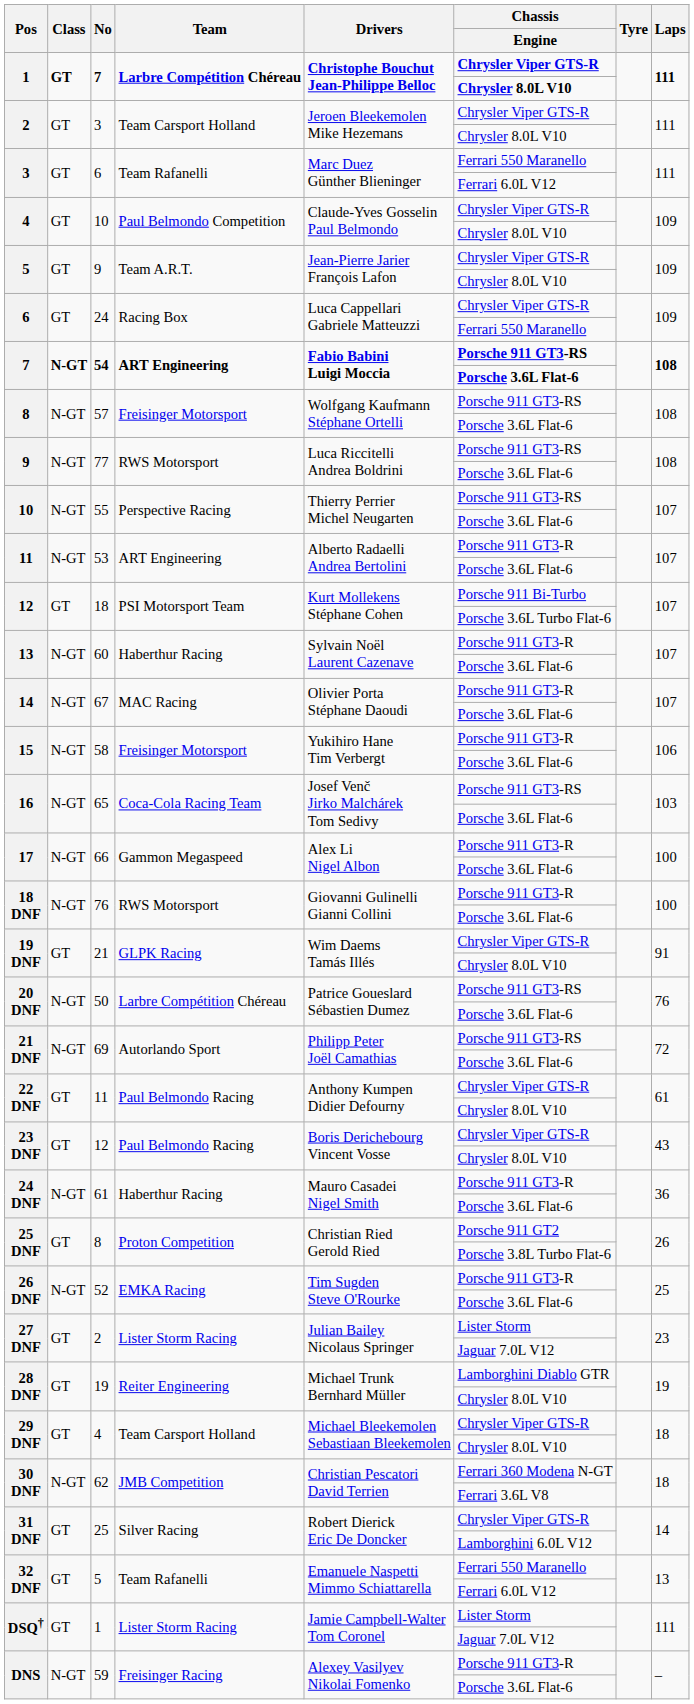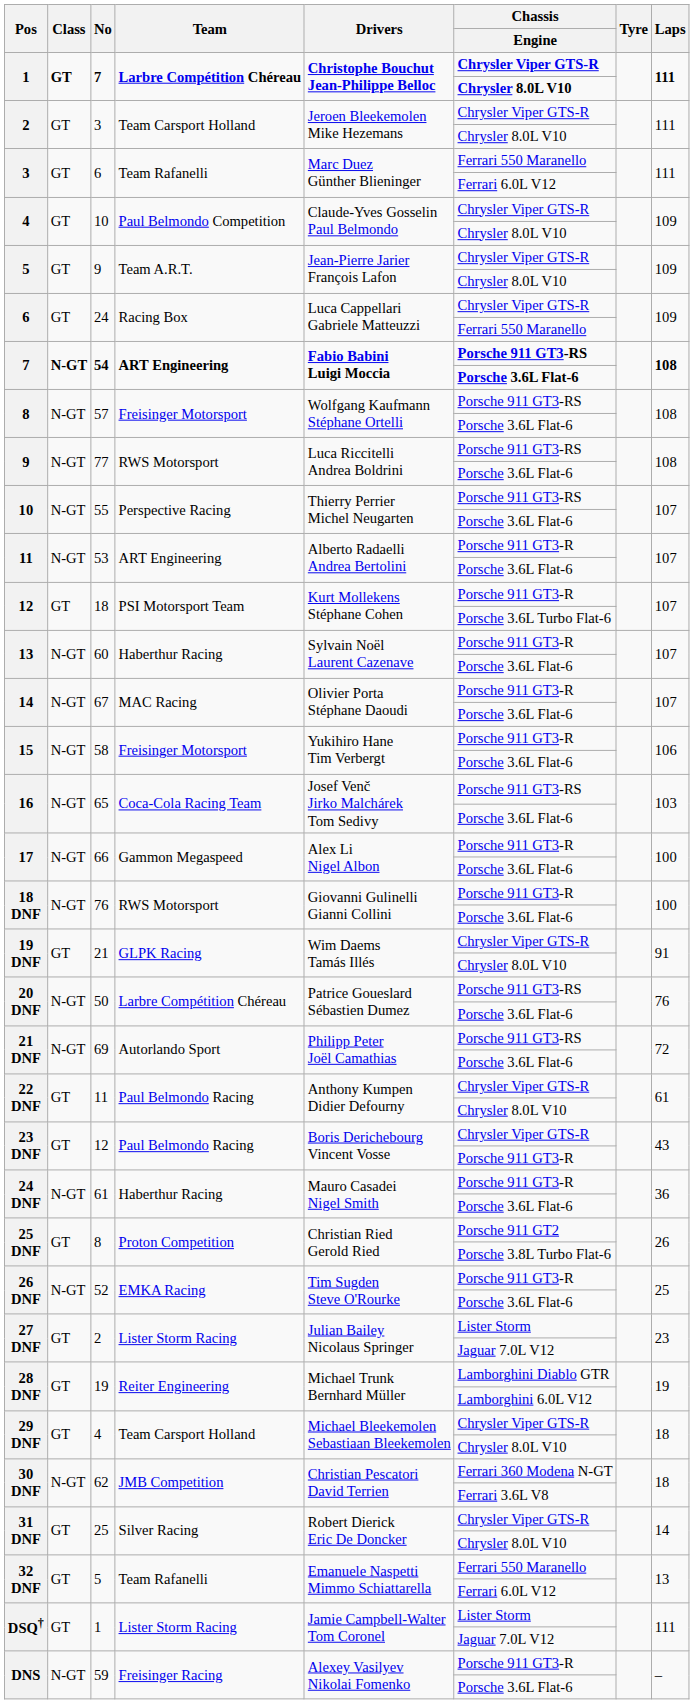 <table class="wikitable" style="font-size: 95%;">
 <tr>
 <th rowspan=2>Pos</th>
 <th rowspan=2>Class</th>
 <th rowspan=2>No</th>
 <th rowspan=2>Team</th>
 <th rowspan=2>Drivers</th>
 <th>Chassis</th>
 <th rowspan=2>Tyre</th>
 <th rowspan=2>Laps</th>
 </tr>
 <tr>
 <th>Engine</th>
 </tr>
 <tr style="font-weight:bold">
 <th rowspan=2>1</th>
 <td rowspan=2>GT</td>
 <td rowspan=2>7</td>
 <td rowspan=2> <a href='#'>Larbre Compétition</a> Chéreau</td>
 <td rowspan=2> <a href='#'>Christophe Bouchut</a><br> <a href='#'>Jean-Philippe Belloc</a></td>
 <td><a href='#'>Chrysler Viper GTS-R</a></td>
 <td rowspan=2></td>
 <td rowspan=2>111</td>
 </tr>
 <tr style="font-weight:bold">
 <td><a href='#'>Chrysler</a> 8.0L V10</td>
 </tr>
 <tr>
 <th rowspan=2>2</th>
 <td rowspan=2>GT</td>
 <td rowspan=2>3</td>
 <td rowspan=2> Team Carsport Holland</td>
 <td rowspan=2> <a href='#'>Jeroen Bleekemolen</a><br> Mike Hezemans</td>
 <td><a href='#'>Chrysler Viper GTS-R</a></td>
 <td rowspan=2></td>
 <td rowspan=2>111</td>
 </tr>
 <tr>
 <td><a href='#'>Chrysler</a> 8.0L V10</td>
 </tr>
 <tr>
 <th rowspan=2>3</th>
 <td rowspan=2>GT</td>
 <td rowspan=2>6</td>
 <td rowspan=2> Team Rafanelli</td>
 <td rowspan=2> <a href='#'>Marc Duez</a><br> Günther Blieninger</td>
 <td><a href='#'>Ferrari 550 Maranello</a></td>
 <td rowspan=2></td>
 <td rowspan=2>111</td>
 </tr>
 <tr>
 <td><a href='#'>Ferrari</a> 6.0L V12</td>
 </tr>
 <tr>
 <th rowspan=2>4</th>
 <td rowspan=2>GT</td>
 <td rowspan=2>10</td>
 <td rowspan=2> <a href='#'>Paul Belmondo</a> Competition</td>
 <td rowspan=2> Claude-Yves Gosselin<br> <a href='#'>Paul Belmondo</a></td>
 <td><a href='#'>Chrysler Viper GTS-R</a></td>
 <td rowspan=2></td>
 <td rowspan=2>109</td>
 </tr>
 <tr>
 <td><a href='#'>Chrysler</a> 8.0L V10</td>
 </tr>
 <tr>
 <th rowspan=2>5</th>
 <td rowspan=2>GT</td>
 <td rowspan=2>9</td>
 <td rowspan=2> Team A.R.T.</td>
 <td rowspan=2> <a href='#'>Jean-Pierre Jarier</a><br> François Lafon</td>
 <td><a href='#'>Chrysler Viper GTS-R</a></td>
 <td rowspan=2></td>
 <td rowspan=2>109</td>
 </tr>
 <tr>
 <td><a href='#'>Chrysler</a> 8.0L V10</td>
 </tr>
 <tr>
 <th rowspan=2>6</th>
 <td rowspan=2>GT</td>
 <td rowspan=2>24</td>
 <td rowspan=2> Racing Box</td>
 <td rowspan=2> Luca Cappellari<br> Gabriele Matteuzzi</td>
 <td><a href='#'>Chrysler Viper GTS-R</a></td>
 <td rowspan=2></td>
 <td rowspan=2>109</td>
 </tr>
 <tr>
 <td><a href='#'>Ferrari 550 Maranello</a></td>
 </tr>
 <tr style="font-weight:bold">
 <th rowspan=2>7</th>
 <td rowspan=2>N-GT</td>
 <td rowspan=2>54</td>
 <td rowspan=2> ART Engineering</td>
 <td rowspan=2> <a href='#'>Fabio Babini</a><br> Luigi Moccia</td>
 <td><a href='#'>Porsche 911 GT3</a>-RS</td>
 <td rowspan=2></td>
 <td rowspan=2>108</td>
 </tr>
 <tr style="font-weight:bold">
 <td><a href='#'>Porsche</a> 3.6L Flat-6</td>
 </tr>
 <tr>
 <th rowspan=2>8</th>
 <td rowspan=2>N-GT</td>
 <td rowspan=2>57</td>
 <td rowspan=2> <a href='#'>Freisinger Motorsport</a></td>
 <td rowspan=2> Wolfgang Kaufmann<br> <a href='#'>Stéphane Ortelli</a></td>
 <td><a href='#'>Porsche 911 GT3</a>-RS</td>
 <td rowspan=2></td>
 <td rowspan=2>108</td>
 </tr>
 <tr>
 <td><a href='#'>Porsche</a> 3.6L Flat-6</td>
 </tr>
 <tr>
 <th rowspan=2>9</th>
 <td rowspan=2>N-GT</td>
 <td rowspan=2>77</td>
 <td rowspan=2> RWS Motorsport</td>
 <td rowspan=2> Luca Riccitelli<br> Andrea Boldrini</td>
 <td><a href='#'>Porsche 911 GT3</a>-RS</td>
 <td rowspan=2></td>
 <td rowspan=2>108</td>
 </tr>
 <tr>
 <td><a href='#'>Porsche</a> 3.6L Flat-6</td>
 </tr>
 <tr>
 <th rowspan=2>10</th>
 <td rowspan=2>N-GT</td>
 <td rowspan=2>55</td>
 <td rowspan=2> Perspective Racing</td>
 <td rowspan=2> Thierry Perrier<br> Michel Neugarten</td>
 <td><a href='#'>Porsche 911 GT3</a>-RS</td>
 <td rowspan=2></td>
 <td rowspan=2>107</td>
 </tr>
 <tr>
 <td><a href='#'>Porsche</a> 3.6L Flat-6</td>
 </tr>
 <tr>
 <th rowspan=2>11</th>
 <td rowspan=2>N-GT</td>
 <td rowspan=2>53</td>
 <td rowspan=2> ART Engineering</td>
 <td rowspan=2> Alberto Radaelli<br> <a href='#'>Andrea Bertolini</a></td>
 <td><a href='#'>Porsche 911 GT3</a>-R</td>
 <td rowspan=2></td>
 <td rowspan=2>107</td>
 </tr>
 <tr>
 <td><a href='#'>Porsche</a> 3.6L Flat-6</td>
 </tr>
 <tr>
 <th rowspan=2>12</th>
 <td rowspan=2>GT</td>
 <td rowspan=2>18</td>
 <td rowspan=2> PSI Motorsport Team</td>
 <td rowspan=2> <a href='#'>Kurt Mollekens</a><br> Stéphane Cohen</td>
-<td><a href='#'>Porsche 911 Bi-Turbo</a></td>
+<td><a href='#'>Porsche 911 GT3</a>-R</td>
 <td rowspan=2></td>
 <td rowspan=2>107</td>
 </tr>
 <tr>
 <td><a href='#'>Porsche</a> 3.6L Turbo Flat-6</td>
 </tr>
 <tr>
 <th rowspan=2>13</th>
 <td rowspan=2>N-GT</td>
 <td rowspan=2>60</td>
 <td rowspan=2> Haberthur Racing</td>
 <td rowspan=2> Sylvain Noël<br> <a href='#'>Laurent Cazenave</a></td>
 <td><a href='#'>Porsche 911 GT3</a>-R</td>
 <td rowspan=2></td>
 <td rowspan=2>107</td>
 </tr>
 <tr>
 <td><a href='#'>Porsche</a> 3.6L Flat-6</td>
 </tr>
 <tr>
 <th rowspan=2>14</th>
 <td rowspan=2>N-GT</td>
 <td rowspan=2>67</td>
 <td rowspan=2> MAC Racing</td>
 <td rowspan=2> Olivier Porta<br> Stéphane Daoudi</td>
 <td><a href='#'>Porsche 911 GT3</a>-R</td>
 <td rowspan=2></td>
 <td rowspan=2>107</td>
 </tr>
 <tr>
 <td><a href='#'>Porsche</a> 3.6L Flat-6</td>
 </tr>
 <tr>
 <th rowspan=2>15</th>
 <td rowspan=2>N-GT</td>
 <td rowspan=2>58</td>
 <td rowspan=2> <a href='#'>Freisinger Motorsport</a></td>
 <td rowspan=2> Yukihiro Hane<br> Tim Verbergt</td>
 <td><a href='#'>Porsche 911 GT3</a>-R</td>
 <td rowspan=2></td>
 <td rowspan=2>106</td>
 </tr>
 <tr>
 <td><a href='#'>Porsche</a> 3.6L Flat-6</td>
 </tr>
 <tr>
 <th rowspan=2>16</th>
 <td rowspan=2>N-GT</td>
 <td rowspan=2>65</td>
 <td rowspan=2> <a href='#'>Coca-Cola Racing Team</a></td>
 <td rowspan=2> Josef Venč<br> <a href='#'>Jirko Malchárek</a><br> Tom Sedivy</td>
 <td><a href='#'>Porsche 911 GT3</a>-RS</td>
 <td rowspan=2></td>
 <td rowspan=2>103</td>
 </tr>
 <tr>
 <td><a href='#'>Porsche</a> 3.6L Flat-6</td>
 </tr>
 <tr>
 <th rowspan=2>17</th>
 <td rowspan=2>N-GT</td>
 <td rowspan=2>66</td>
 <td rowspan=2> Gammon Megaspeed</td>
 <td rowspan=2> Alex Li<br> <a href='#'>Nigel Albon</a></td>
 <td><a href='#'>Porsche 911 GT3</a>-R</td>
 <td rowspan=2></td>
 <td rowspan=2>100</td>
 </tr>
 <tr>
 <td><a href='#'>Porsche</a> 3.6L Flat-6</td>
 </tr>
 <tr>
 <th rowspan=2>18<br>DNF</th>
 <td rowspan=2>N-GT</td>
 <td rowspan=2>76</td>
 <td rowspan=2> RWS Motorsport</td>
 <td rowspan=2> Giovanni Gulinelli<br> Gianni Collini</td>
 <td><a href='#'>Porsche 911 GT3</a>-R</td>
 <td rowspan=2></td>
 <td rowspan=2>100</td>
 </tr>
 <tr>
 <td><a href='#'>Porsche</a> 3.6L Flat-6</td>
 </tr>
 <tr>
 <th rowspan=2>19<br>DNF</th>
 <td rowspan=2>GT</td>
 <td rowspan=2>21</td>
 <td rowspan=2> <a href='#'>GLPK Racing</a></td>
 <td rowspan=2> Wim Daems<br> Tamás Illés</td>
 <td><a href='#'>Chrysler Viper GTS-R</a></td>
 <td rowspan=2></td>
 <td rowspan=2>91</td>
 </tr>
 <tr>
 <td><a href='#'>Chrysler</a> 8.0L V10</td>
 </tr>
 <tr>
 <th rowspan=2>20<br>DNF</th>
 <td rowspan=2>N-GT</td>
 <td rowspan=2>50</td>
 <td rowspan=2> <a href='#'>Larbre Compétition</a> Chéreau</td>
 <td rowspan=2> Patrice Goueslard<br> Sébastien Dumez</td>
 <td><a href='#'>Porsche 911 GT3</a>-RS</td>
 <td rowspan=2></td>
 <td rowspan=2>76</td>
 </tr>
 <tr>
 <td><a href='#'>Porsche</a> 3.6L Flat-6</td>
 </tr>
 <tr>
 <th rowspan=2>21<br>DNF</th>
 <td rowspan=2>N-GT</td>
 <td rowspan=2>69</td>
 <td rowspan=2> Autorlando Sport</td>
 <td rowspan=2> <a href='#'>Philipp Peter</a><br> <a href='#'>Joël Camathias</a></td>
 <td><a href='#'>Porsche 911 GT3</a>-RS</td>
 <td rowspan=2></td>
 <td rowspan=2>72</td>
 </tr>
 <tr>
 <td><a href='#'>Porsche</a> 3.6L Flat-6</td>
 </tr>
 <tr>
 <th rowspan=2>22<br>DNF</th>
 <td rowspan=2>GT</td>
 <td rowspan=2>11</td>
 <td rowspan=2> <a href='#'>Paul Belmondo</a> Racing</td>
 <td rowspan=2> Anthony Kumpen<br> Didier Defourny</td>
 <td><a href='#'>Chrysler Viper GTS-R</a></td>
 <td rowspan=2></td>
 <td rowspan=2>61</td>
 </tr>
 <tr>
 <td><a href='#'>Chrysler</a> 8.0L V10</td>
 </tr>
 <tr>
 <th rowspan=2>23<br>DNF</th>
 <td rowspan=2>GT</td>
 <td rowspan=2>12</td>
 <td rowspan=2> <a href='#'>Paul Belmondo</a> Racing</td>
 <td rowspan=2> <a href='#'>Boris Derichebourg</a><br> Vincent Vosse</td>
 <td><a href='#'>Chrysler Viper GTS-R</a></td>
 <td rowspan=2></td>
 <td rowspan=2>43</td>
 </tr>
 <tr>
-<td><a href='#'>Chrysler</a> 8.0L V10</td>
+<td><a href='#'>Porsche 911 GT3</a>-R</td>
 </tr>
 <tr>
 <th rowspan=2>24<br>DNF</th>
 <td rowspan=2>N-GT</td>
 <td rowspan=2>61</td>
 <td rowspan=2> Haberthur Racing</td>
 <td rowspan=2> Mauro Casadei<br> <a href='#'>Nigel Smith</a></td>
 <td><a href='#'>Porsche 911 GT3</a>-R</td>
 <td rowspan=2></td>
 <td rowspan=2>36</td>
 </tr>
 <tr>
 <td><a href='#'>Porsche</a> 3.6L Flat-6</td>
 </tr>
 <tr>
 <th rowspan=2>25<br>DNF</th>
 <td rowspan=2>GT</td>
 <td rowspan=2>8</td>
 <td rowspan=2> <a href='#'>Proton Competition</a></td>
 <td rowspan=2> Christian Ried<br> Gerold Ried</td>
 <td><a href='#'>Porsche 911 GT2</a></td>
 <td rowspan=2></td>
 <td rowspan=2>26</td>
 </tr>
 <tr>
 <td><a href='#'>Porsche</a> 3.8L Turbo Flat-6</td>
 </tr>
 <tr>
 <th rowspan=2>26<br>DNF</th>
 <td rowspan=2>N-GT</td>
 <td rowspan=2>52</td>
 <td rowspan=2> <a href='#'>EMKA Racing</a></td>
 <td rowspan=2> <a href='#'>Tim Sugden</a><br> <a href='#'>Steve O'Rourke</a></td>
 <td><a href='#'>Porsche 911 GT3</a>-R</td>
 <td rowspan=2></td>
 <td rowspan=2>25</td>
 </tr>
 <tr>
 <td><a href='#'>Porsche</a> 3.6L Flat-6</td>
 </tr>
 <tr>
 <th rowspan=2>27<br>DNF</th>
 <td rowspan=2>GT</td>
 <td rowspan=2>2</td>
 <td rowspan=2> <a href='#'>Lister Storm Racing</a></td>
 <td rowspan=2> <a href='#'>Julian Bailey</a><br> Nicolaus Springer</td>
 <td><a href='#'>Lister Storm</a></td>
 <td rowspan=2></td>
 <td rowspan=2>23</td>
 </tr>
 <tr>
 <td><a href='#'>Jaguar</a> 7.0L V12</td>
 </tr>
 <tr>
 <th rowspan=2>28<br>DNF</th>
 <td rowspan=2>GT</td>
 <td rowspan=2>19</td>
 <td rowspan=2> <a href='#'>Reiter Engineering</a></td>
 <td rowspan=2> Michael Trunk<br> Bernhard Müller</td>
 <td><a href='#'>Lamborghini Diablo</a> GTR</td>
 <td rowspan=2></td>
 <td rowspan=2>19</td>
 </tr>
 <tr>
-<td><a href='#'>Chrysler</a> 8.0L V10</td>
+<td><a href='#'>Lamborghini</a> 6.0L V12</td>
 </tr>
 <tr>
 <th rowspan=2>29<br>DNF</th>
 <td rowspan=2>GT</td>
 <td rowspan=2>4</td>
 <td rowspan=2> Team Carsport Holland</td>
 <td rowspan=2> <a href='#'>Michael Bleekemolen</a><br> <a href='#'>Sebastiaan Bleekemolen</a></td>
 <td><a href='#'>Chrysler Viper GTS-R</a></td>
 <td rowspan=2></td>
 <td rowspan=2>18</td>
 </tr>
 <tr>
 <td><a href='#'>Chrysler</a> 8.0L V10</td>
 </tr>
 <tr>
 <th rowspan=2>30<br>DNF</th>
 <td rowspan=2>N-GT</td>
 <td rowspan=2>62</td>
 <td rowspan=2> <a href='#'>JMB Competition</a></td>
 <td rowspan=2> <a href='#'>Christian Pescatori</a><br> <a href='#'>David Terrien</a></td>
 <td><a href='#'>Ferrari 360 Modena</a> N-GT</td>
 <td rowspan=2></td>
 <td rowspan=2>18</td>
 </tr>
 <tr>
 <td><a href='#'>Ferrari</a> 3.6L V8</td>
 </tr>
 <tr>
 <th rowspan=2>31<br>DNF</th>
 <td rowspan=2>GT</td>
 <td rowspan=2>25</td>
 <td rowspan=2> Silver Racing</td>
 <td rowspan=2> Robert Dierick<br> <a href='#'>Eric De Doncker</a></td>
 <td><a href='#'>Chrysler Viper GTS-R</a></td>
 <td rowspan=2></td>
 <td rowspan=2>14</td>
 </tr>
 <tr>
-<td><a href='#'>Lamborghini</a> 6.0L V12</td>
+<td><a href='#'>Chrysler</a> 8.0L V10</td>
 </tr>
 <tr>
 <th rowspan=2>32<br>DNF</th>
 <td rowspan=2>GT</td>
 <td rowspan=2>5</td>
 <td rowspan=2> Team Rafanelli</td>
 <td rowspan=2> <a href='#'>Emanuele Naspetti</a><br> <a href='#'>Mimmo Schiattarella</a></td>
 <td><a href='#'>Ferrari 550 Maranello</a></td>
 <td rowspan=2></td>
 <td rowspan=2>13</td>
 </tr>
 <tr>
 <td><a href='#'>Ferrari</a> 6.0L V12</td>
 </tr>
 <tr>
 <th rowspan=2>DSQ<sup>†</sup></th>
 <td rowspan=2>GT</td>
 <td rowspan=2>1</td>
 <td rowspan=2> <a href='#'>Lister Storm Racing</a></td>
 <td rowspan=2> <a href='#'>Jamie Campbell-Walter</a><br> <a href='#'>Tom Coronel</a></td>
 <td><a href='#'>Lister Storm</a></td>
 <td rowspan=2></td>
 <td rowspan=2>111</td>
 </tr>
 <tr>
 <td><a href='#'>Jaguar</a> 7.0L V12</td>
 </tr>
 <tr>
 <th rowspan=2>DNS</th>
 <td rowspan=2>N-GT</td>
 <td rowspan=2>59</td>
 <td rowspan=2> <a href='#'>Freisinger Racing</a></td>
 <td rowspan=2> <a href='#'>Alexey Vasilyev</a><br> <a href='#'>Nikolai Fomenko</a></td>
 <td><a href='#'>Porsche 911 GT3</a>-R</td>
 <td rowspan=2></td>
 <td rowspan=2>–</td>
 </tr>
 <tr>
 <td><a href='#'>Porsche</a> 3.6L Flat-6</td>
 </tr>
 </table>
